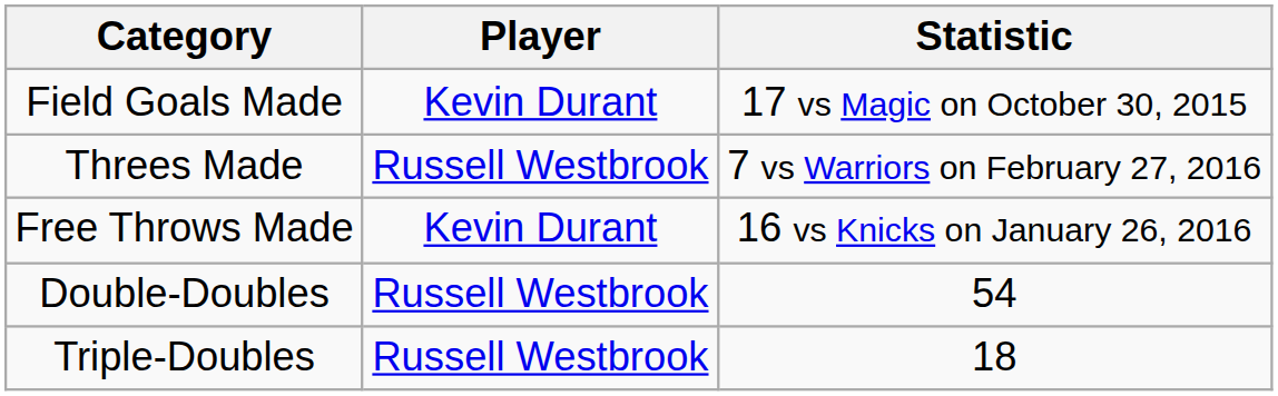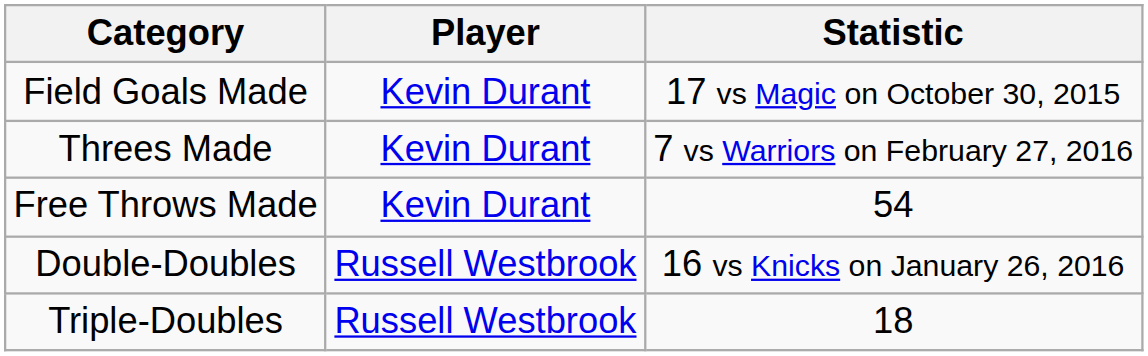 <table class="wikitable sortable sortable" style="text-align: center">
 <tr>
 <th>Category</th>
 <th>Player</th>
 <th>Statistic</th>
 </tr>
 <tr style="text-align: center">
 <td>Field Goals Made</td>
 <td><a href='#'>Kevin Durant</a></td>
 <td>17 <small>vs <a href='#'>Magic</a> on October 30, 2015</small></td>
 </tr>
 <tr style="text-align: center">
 <td>Threes Made</td>
-<td><a href='#'>Russell Westbrook</a></td>
+<td><a href='#'>Kevin Durant</a></td>
 <td>7 <small>vs <a href='#'>Warriors</a> on February 27, 2016</small></td>
 </tr>
 <tr style="text-align: center">
 <td>Free Throws Made</td>
 <td><a href='#'>Kevin Durant</a></td>
-<td>16 <small>vs <a href='#'>Knicks</a> on January 26, 2016</small></td>
+<td>54</td>
 </tr>
 <tr style="text-align: center">
 <td>Double-Doubles</td>
 <td><a href='#'>Russell Westbrook</a></td>
-<td>54</td>
+<td>16 <small>vs <a href='#'>Knicks</a> on January 26, 2016</small></td>
 </tr>
 <tr style="text-align: center">
 <td>Triple-Doubles</td>
 <td><a href='#'>Russell Westbrook</a></td>
 <td>18</td>
 </tr>
 </table>
